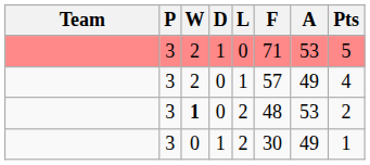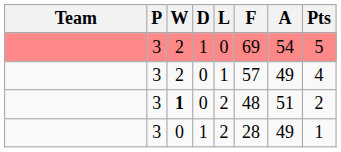 <table class="wikitable" style="text-align:center;">
 <tr>
 <th width="120px">Team</th>
 <th>P</th>
 <th>W</th>
 <th>D</th>
 <th>L</th>
 <th width="23px">F</th>
 <th width="23px">A</th>
 <th width="23px">Pts</th>
 </tr>
 <tr bgcolor="#FF8888">
 <td></td>
 <td>3</td>
 <td>2</td>
 <td>1</td>
 <td>0</td>
-<td>71</td>
-<td>53</td>
+<td>69</td>
+<td>54</td>
 <td>5</td>
 </tr>
 <tr>
 <td></td>
 <td>3</td>
 <td>2</td>
 <td>0</td>
 <td>1</td>
 <td>57</td>
 <td>49</td>
 <td>4</td>
 </tr>
 <tr>
 <td></td>
 <td>3</td>
 <td><strong>1</strong></td>
 <td>0</td>
 <td>2</td>
 <td>48</td>
-<td>53</td>
+<td>51</td>
 <td>2</td>
 </tr>
 <tr>
 <td></td>
 <td>3</td>
 <td>0</td>
 <td>1</td>
 <td>2</td>
-<td>30</td>
+<td>28</td>
 <td>49</td>
 <td>1</td>
 </tr>
 </table>
